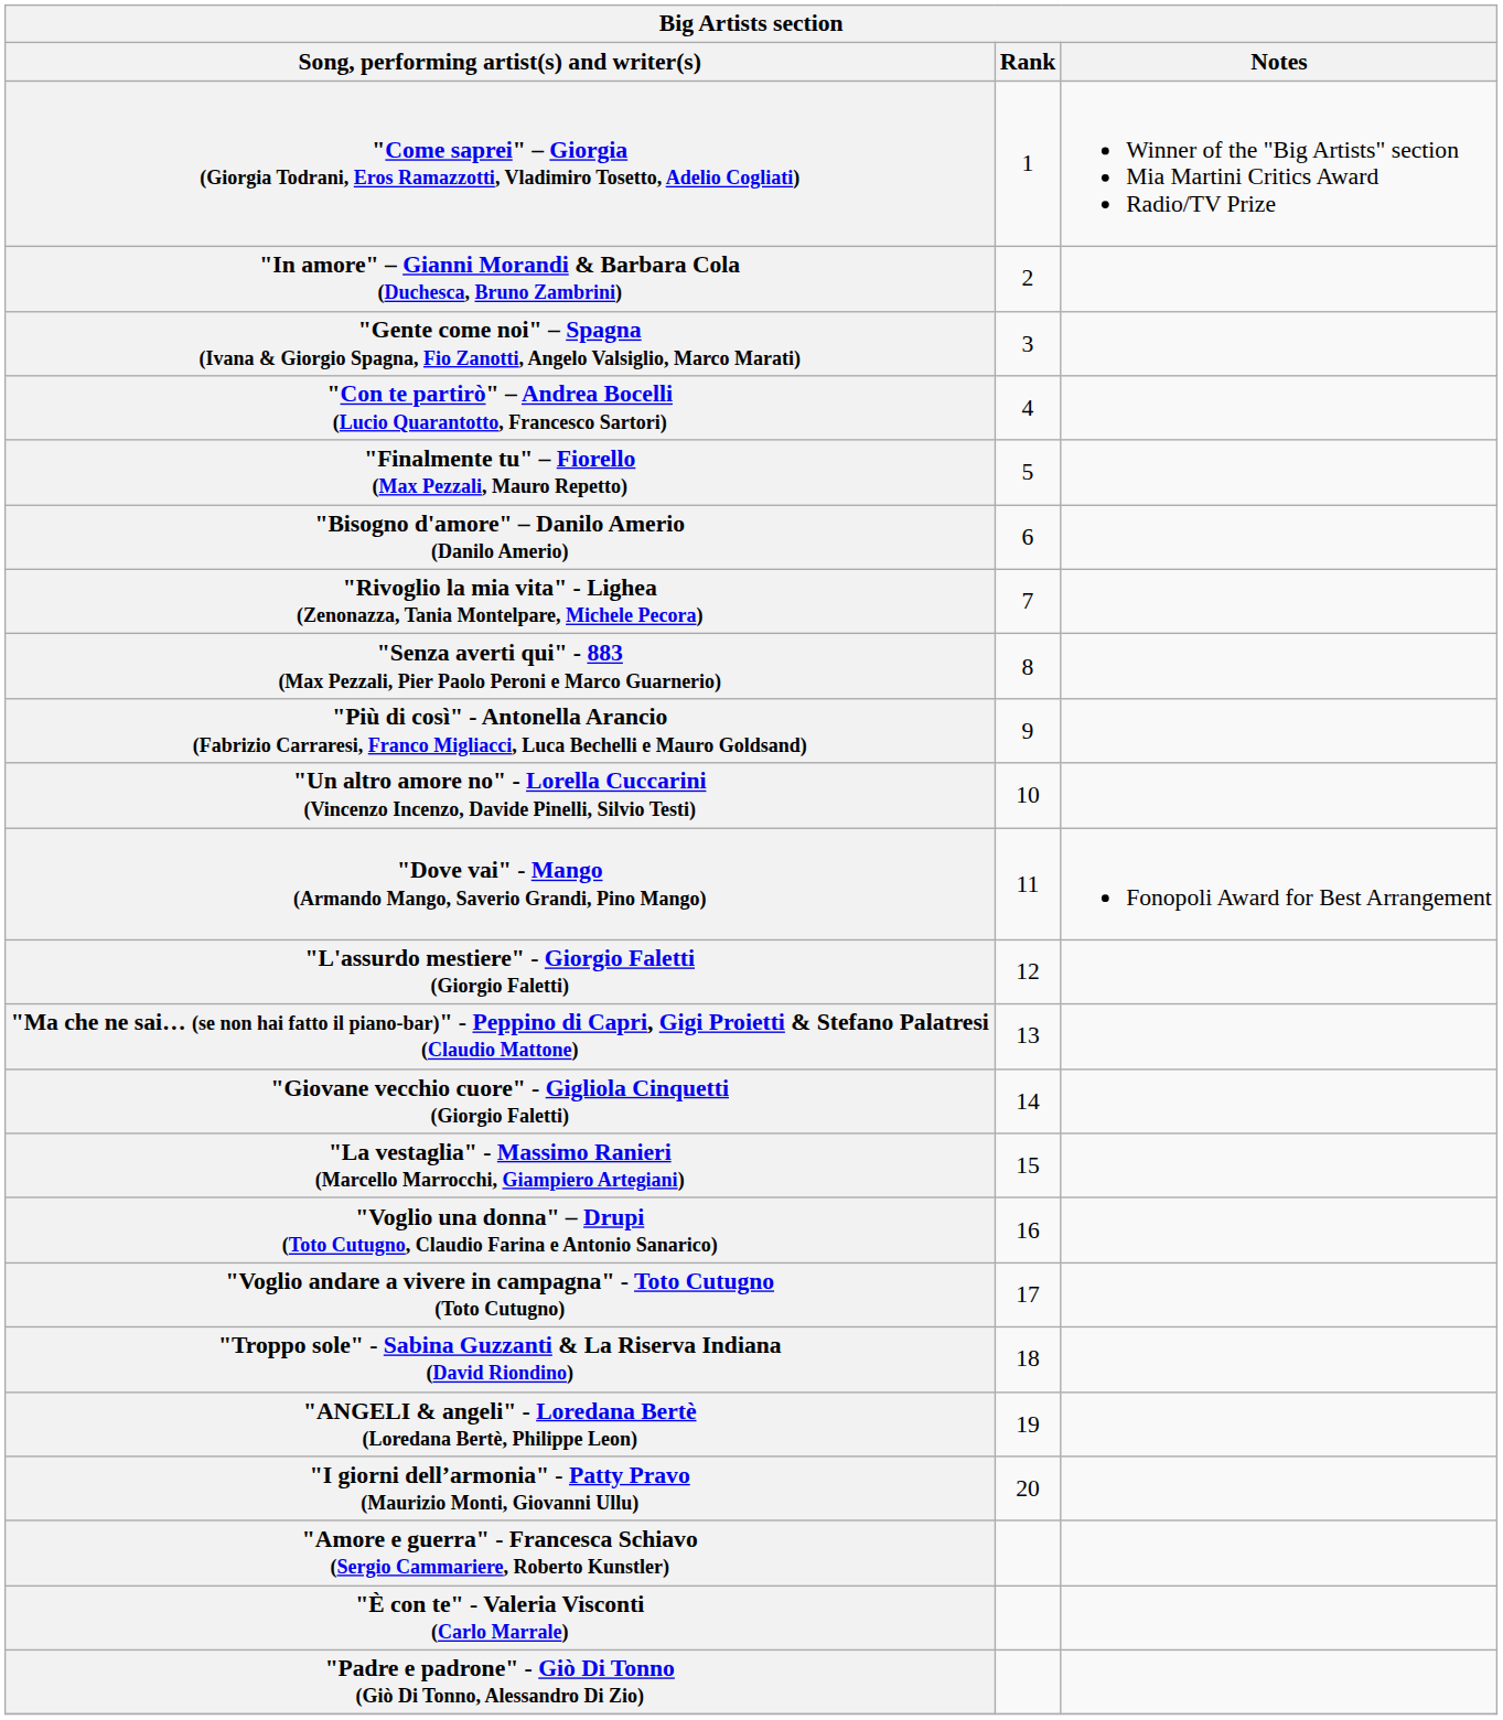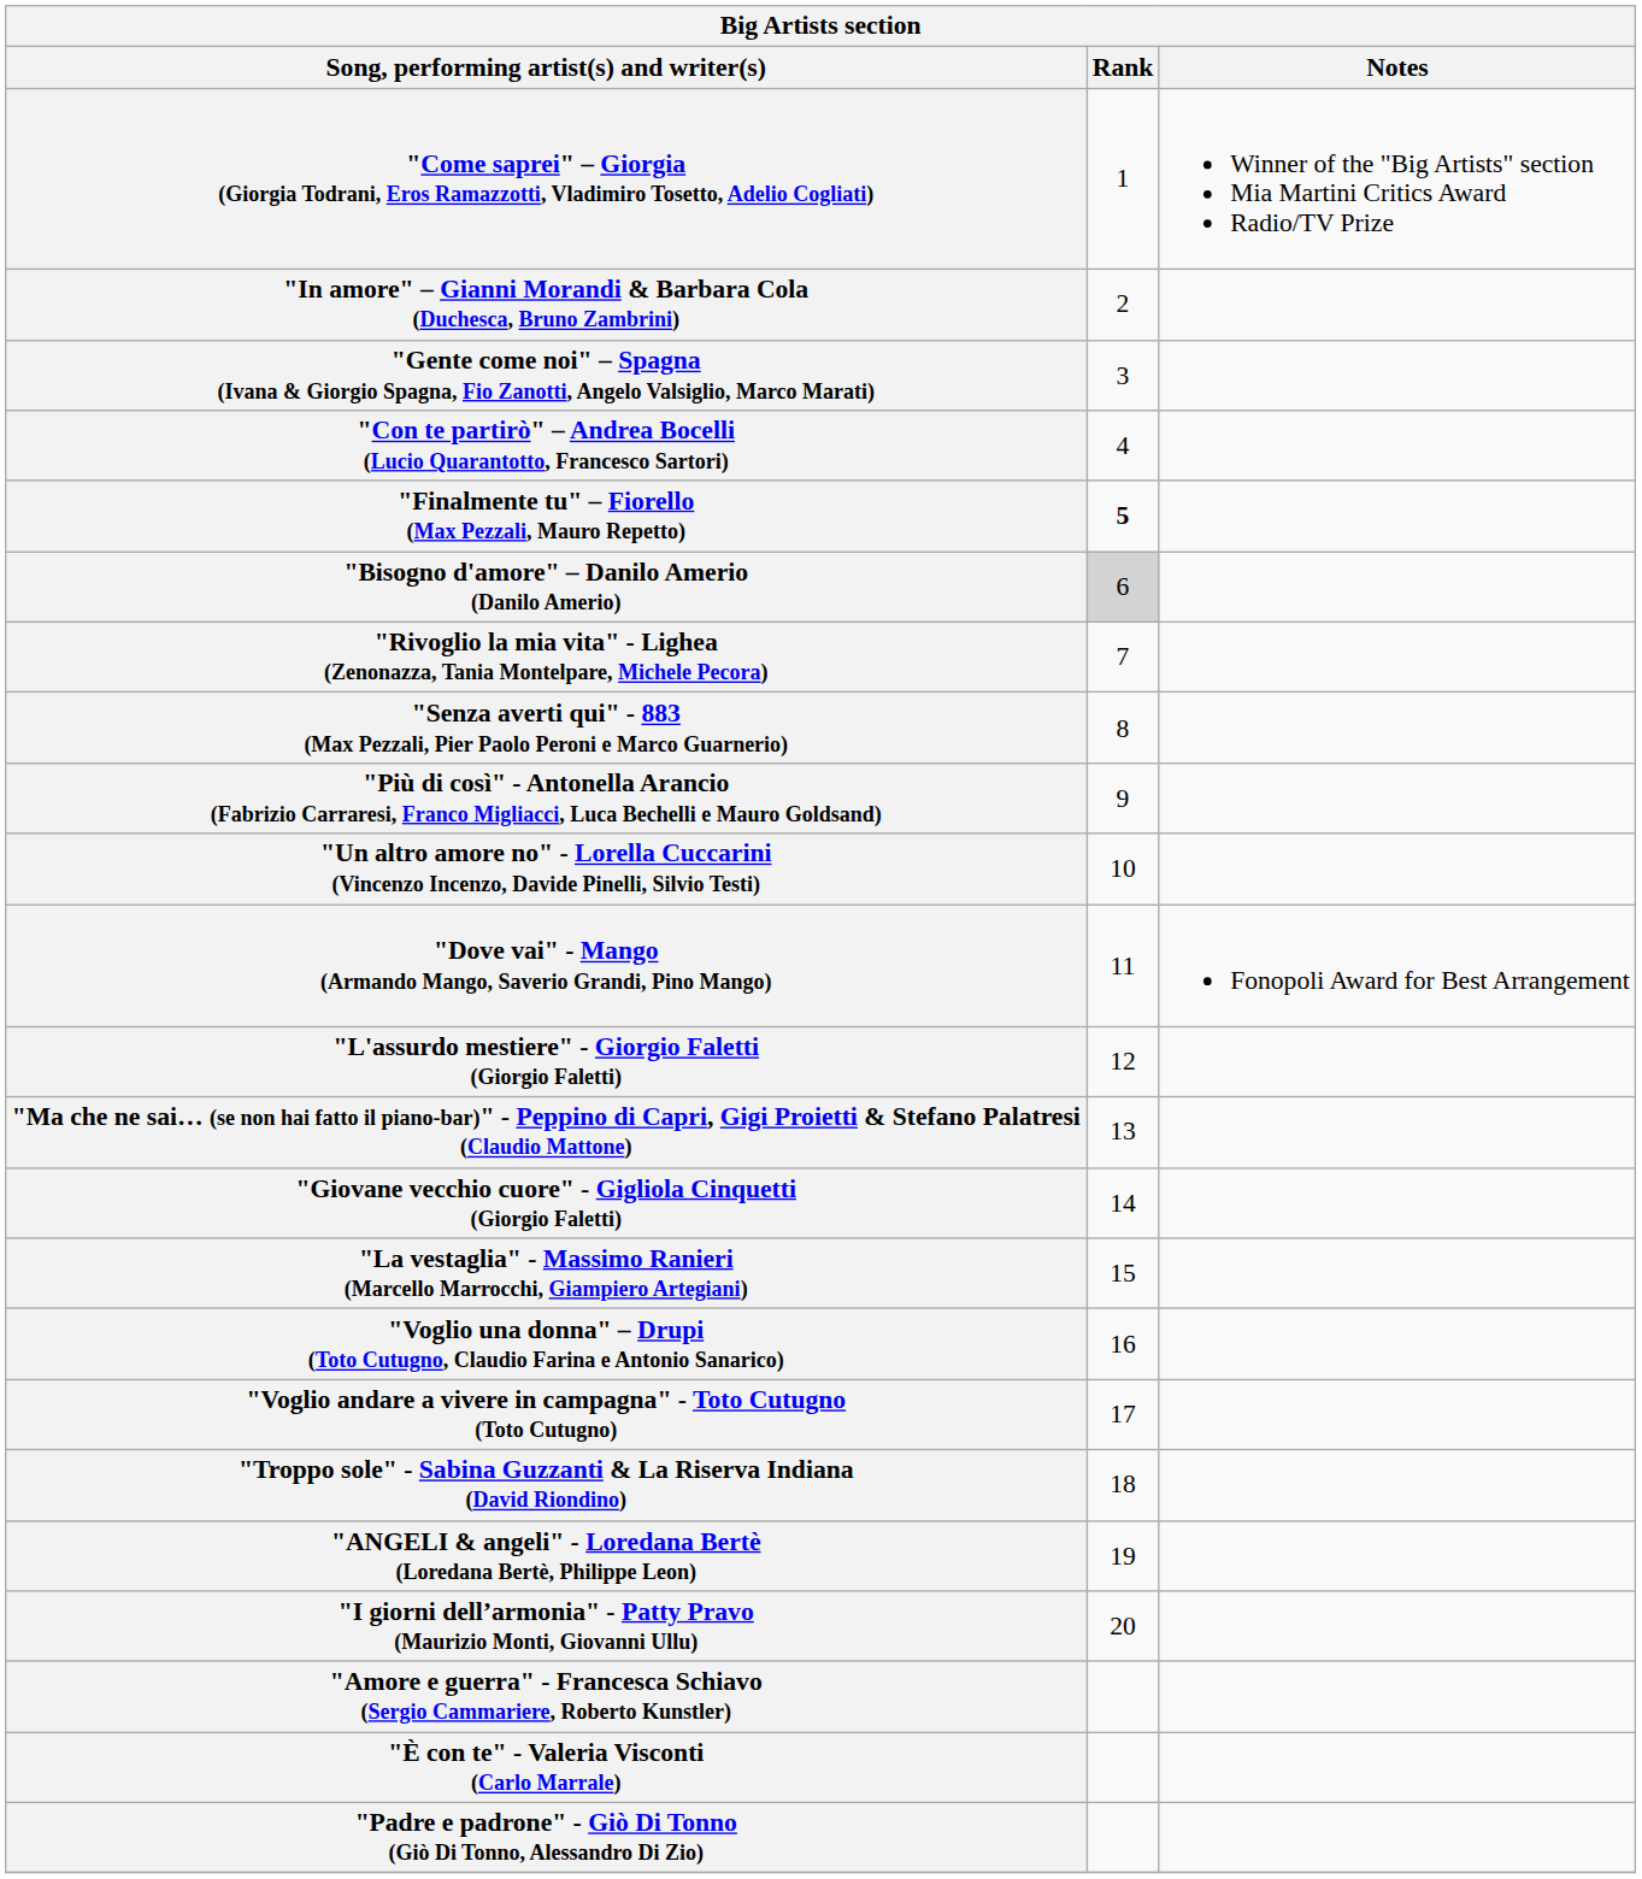 <table class="plainrowheaders wikitable">
 <tr>
 <th colspan="3">Big Artists section </th>
 </tr>
 <tr>
 <th>Song, performing artist(s) and writer(s)</th>
 <th>Rank</th>
 <th>Notes</th>
 </tr>
 <tr>
 <th scope="row">"<a href='#'>Come saprei</a>" –  <a href='#'>Giorgia</a>  <br><small>(Giorgia Todrani, <a href='#'>Eros Ramazzotti</a>, Vladimiro Tosetto, <a href='#'>Adelio Cogliati</a>)</small></th>
 <td style="text-align:center;">1</td>
 <td><br><ul><li>Winner of the "Big Artists" section</li><li>Mia Martini Critics Award</li><li>Radio/TV  Prize</li></ul></td>
 </tr>
 <tr>
 <th scope="row">"In amore" – <a href='#'>Gianni Morandi</a> & Barbara Cola <br><small>(<a href='#'>Duchesca</a>, <a href='#'>Bruno Zambrini</a>)</small></th>
 <td style="text-align:center;">2</td>
 <td></td>
 </tr>
 <tr>
 <th scope="row">"Gente come noi" – <a href='#'>Spagna</a>  <br><small>(Ivana & Giorgio Spagna, <a href='#'>Fio Zanotti</a>, Angelo Valsiglio, Marco Marati)</small></th>
 <td style="text-align:center;">3</td>
 <td></td>
 </tr>
 <tr>
 <th scope="row">"<a href='#'>Con te partirò</a>" – <a href='#'>Andrea Bocelli</a><br><small>(<a href='#'>Lucio Quarantotto</a>, Francesco Sartori)</small></th>
 <td style="text-align:center;">4</td>
 <td></td>
 </tr>
 <tr>
 <th scope="row">"Finalmente tu" –  <a href='#'>Fiorello</a> <br><small>(<a href='#'>Max Pezzali</a>, Mauro Repetto)</small></th>
-<td style="text-align:center;">5</td>
+<td style="text-align:center;"><strong>5</strong></td>
 <td></td>
 </tr>
 <tr>
 <th scope="row">"Bisogno d'amore"  –  Danilo Amerio  <br><small>(Danilo Amerio)</small></th>
-<td style="text-align:center;">6</td>
+<td style="background: lightgrey; text-align:center;">6</td>
 <td></td>
 </tr>
 <tr>
 <th scope="row">"Rivoglio la mia vita" - Lighea <br><small>(Zenonazza, Tania Montelpare, <a href='#'>Michele Pecora</a>)</small></th>
 <td style="text-align:center;">7</td>
 <td></td>
 </tr>
 <tr>
 <th scope="row">"Senza averti qui" -  <a href='#'>883</a> <br><small> (Max Pezzali, Pier Paolo Peroni e Marco Guarnerio)</small></th>
 <td style="text-align:center;">8</td>
 <td></td>
 </tr>
 <tr>
 <th scope="row">"Più di così" -  Antonella Arancio   <br><small>(Fabrizio Carraresi, <a href='#'>Franco Migliacci</a>, Luca Bechelli e Mauro Goldsand) </small></th>
 <td style="text-align:center;">9</td>
 <td></td>
 </tr>
 <tr>
 <th scope="row">"Un altro amore no" - <a href='#'>Lorella Cuccarini</a>  <br><small>(Vincenzo Incenzo, Davide Pinelli, Silvio Testi)</small></th>
 <td style="text-align:center;">10</td>
 <td></td>
 </tr>
 <tr>
 <th scope="row">"Dove vai" - <a href='#'>Mango</a> <br><small> (Armando Mango, Saverio Grandi, Pino Mango)</small></th>
 <td style="text-align:center;">11</td>
 <td><br><ul><li>Fonopoli Award for Best Arrangement</li></ul></td>
 </tr>
 <tr>
 <th scope="row">"L'assurdo mestiere" -  <a href='#'>Giorgio Faletti</a><br><small>(Giorgio Faletti)</small></th>
 <td style="text-align:center;">12</td>
 <td></td>
 </tr>
 <tr>
 <th scope="row">"Ma che ne sai… <small>(se non hai fatto il piano-bar)</small>" - <a href='#'>Peppino di Capri</a>, <a href='#'>Gigi Proietti</a> & Stefano Palatresi  <br><small>(<a href='#'>Claudio Mattone</a>)</small></th>
 <td style="text-align:center;">13</td>
 <td></td>
 </tr>
 <tr>
 <th scope="row">"Giovane vecchio cuore" - <a href='#'>Gigliola Cinquetti</a>  <br><small>(Giorgio Faletti)</small></th>
 <td style="text-align:center;">14</td>
 <td></td>
 </tr>
 <tr>
 <th scope="row">"La vestaglia" - <a href='#'>Massimo Ranieri</a>  <br><small>(Marcello Marrocchi, <a href='#'>Giampiero Artegiani</a>)</small></th>
 <td style="text-align:center;">15</td>
 <td></td>
 </tr>
 <tr>
 <th scope="row">"Voglio una donna" – <a href='#'>Drupi</a> <br><small>(<a href='#'>Toto Cutugno</a>, Claudio Farina e Antonio Sanarico)</small></th>
 <td style="text-align:center;">16</td>
 <td></td>
 </tr>
 <tr>
 <th scope="row">"Voglio andare a vivere in campagna" - <a href='#'>Toto Cutugno</a><br><small>(Toto Cutugno)</small></th>
 <td style="text-align:center;">17</td>
 <td></td>
 </tr>
 <tr>
 <th scope="row">"Troppo sole" - <a href='#'>Sabina Guzzanti</a> & La Riserva Indiana  <br><small>(<a href='#'>David Riondino</a>) </small></th>
 <td style="text-align:center;">18</td>
 <td></td>
 </tr>
 <tr>
 <th scope="row">"ANGELI & angeli" - <a href='#'>Loredana Bertè</a> <br><small>(Loredana Bertè, Philippe Leon)</small></th>
 <td style="text-align:center;">19</td>
 <td></td>
 </tr>
 <tr>
 <th scope="row">"I giorni dell’armonia" - <a href='#'>Patty Pravo</a> <br><small>(Maurizio Monti, Giovanni Ullu)</small></th>
 <td style="text-align:center;">20</td>
 <td></td>
 </tr>
 <tr>
 <th scope="row">"Amore e guerra" -  Francesca Schiavo<br><small>(<a href='#'>Sergio Cammariere</a>, Roberto Kunstler)</small></th>
 <td></td>
 <td></td>
 </tr>
 <tr>
 <th scope="row">"È con te" - Valeria Visconti<br><small>(<a href='#'>Carlo Marrale</a>)</small></th>
 <td></td>
 <td></td>
 </tr>
 <tr>
 <th scope="row">"Padre e padrone" -  <a href='#'>Giò Di Tonno</a> <br><small>(Giò Di Tonno, Alessandro Di Zio)</small></th>
 <td></td>
 <td></td>
 </tr>
 <tr>
 </tr>
 </table>
